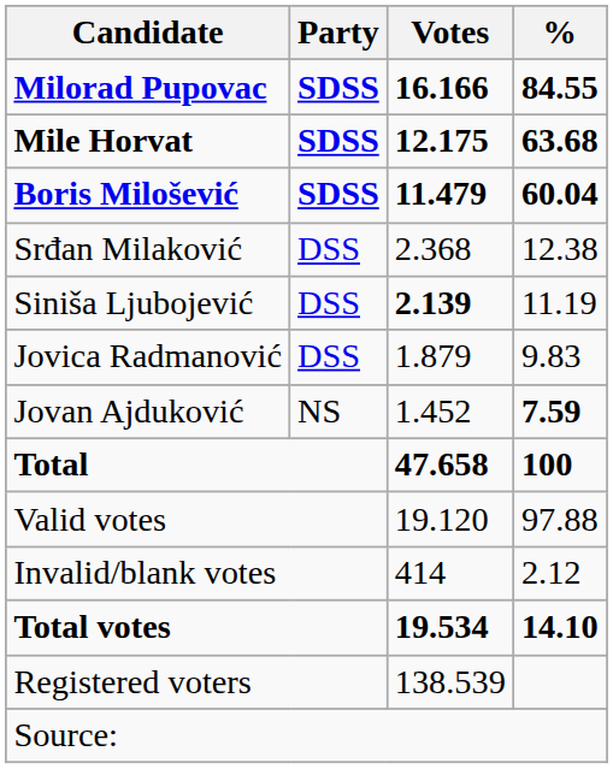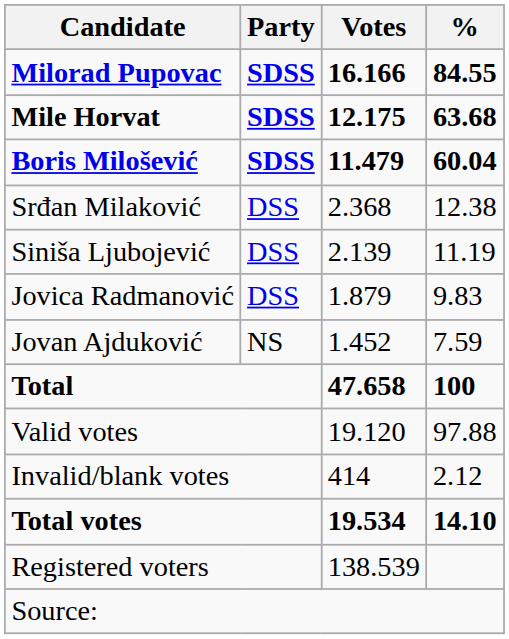 <table class="wikitable" style="text-align: left;">
 <tr>
 <th>Candidate</th>
 <th>Party</th>
 <th>Votes</th>
 <th>%</th>
 </tr>
 <tr>
 <td><strong><a href='#'>Milorad Pupovac</a></strong></td>
 <td><a href='#'><strong>SDSS</strong></a></td>
 <td><strong>16.166</strong></td>
 <td><strong>84.55</strong></td>
 </tr>
 <tr>
 <td><strong>Mile Horvat</strong></td>
 <td><a href='#'><strong>SDSS</strong></a></td>
 <td><strong>12.175</strong></td>
 <td><strong>63.68</strong></td>
 </tr>
 <tr>
 <td><strong><a href='#'>Boris Milošević</a></strong></td>
 <td><a href='#'><strong>SDSS</strong></a></td>
 <td><strong>11.479</strong></td>
 <td><strong>60.04</strong></td>
 </tr>
 <tr>
 <td>Srđan Milaković</td>
 <td><a href='#'>DSS</a></td>
 <td>2.368</td>
 <td>12.38</td>
 </tr>
 <tr>
 <td>Siniša Ljubojević</td>
 <td><a href='#'>DSS</a></td>
-<td><strong>2.139</strong></td>
+<td>2.139</td>
 <td>11.19</td>
 </tr>
 <tr>
 <td>Jovica Radmanović</td>
 <td><a href='#'>DSS</a></td>
 <td>1.879</td>
 <td>9.83</td>
 </tr>
 <tr>
 <td>Jovan Ajduković</td>
 <td>NS</td>
 <td>1.452</td>
-<td><strong>7.59</strong></td>
+<td>7.59</td>
 </tr>
 <tr>
 <td colspan="2"><strong>Total</strong></td>
 <td><strong>47.658</strong></td>
 <td><strong>100</strong></td>
 </tr>
 <tr>
 <td colspan="2">Valid votes</td>
 <td>19.120</td>
 <td>97.88</td>
 </tr>
 <tr>
 <td colspan="2">Invalid/blank votes</td>
 <td>414</td>
 <td>2.12</td>
 </tr>
 <tr>
 <td colspan="2"><strong>Total votes</strong></td>
 <td><strong>19.534</strong></td>
 <td><strong>14.10</strong></td>
 </tr>
 <tr>
 <td colspan="2">Registered voters</td>
 <td>138.539</td>
 <td></td>
 </tr>
 <tr>
 <td colspan="4">Source: </td>
 </tr>
 </table>
